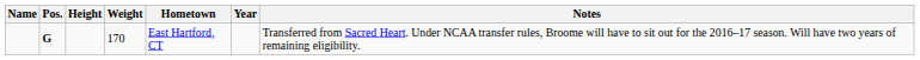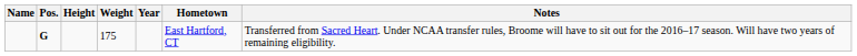 <table class="wikitable sortable" border="1">
 <tr>
 <th>Name</th>
 <th>Pos.</th>
 <th>Height</th>
 <th>Weight</th>
+<th>Year</th>
 <th>Hometown</th>
-<th>Year</th>
 <th class="unsortable">Notes</th>
 </tr>
 <tr>
 <td></td>
 <td><strong>G</strong></td>
 <td></td>
-<td>170</td>
+<td>175</td>
+<td></td>
 <td><a href='#'>East Hartford, CT</a></td>
-<td></td>
 <td>Transferred from <a href='#'>Sacred Heart</a>. Under NCAA transfer rules, Broome will have to sit out for the 2016–17 season. Will have two years of remaining eligibility.</td>
 </tr>
 </table>
